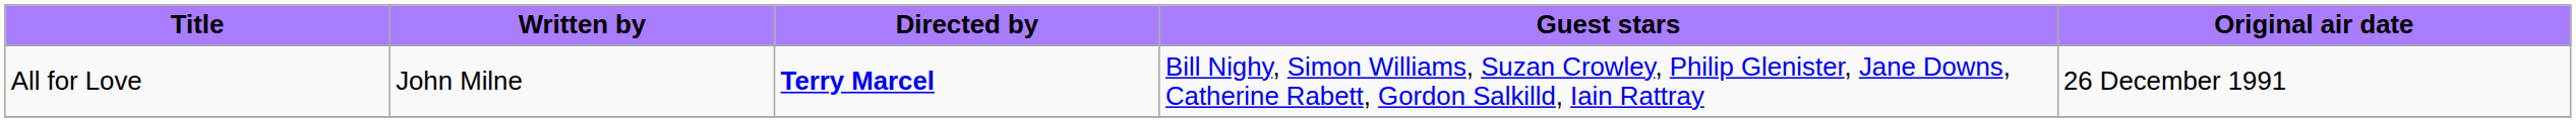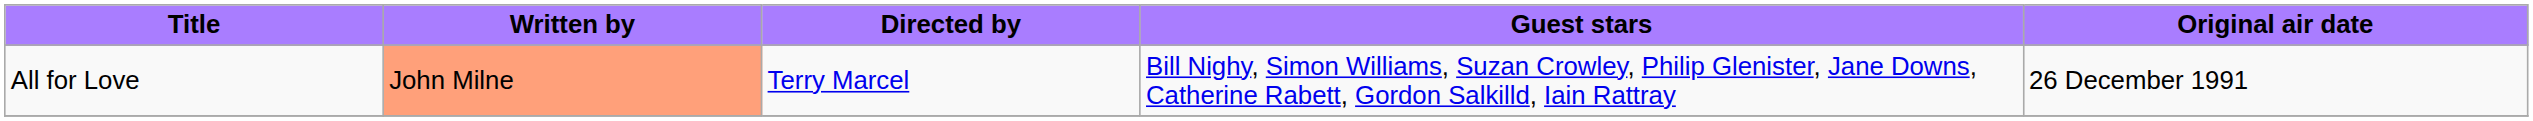 <table class="wikitable">
 <tr>
 <th style="width:15%; background:#A97DFF;">Title</th>
 <th style="width:15%; background:#A97DFF;">Written by</th>
 <th style="width:15%; background:#A97DFF;">Directed by</th>
 <th style="width:35%; background:#A97DFF;">Guest stars</th>
 <th style="width:35%; background:#A97DFF;">Original air date</th>
 </tr>
 <tr id="All For Love">
 <td>All for Love</td>
-<td>John Milne</td>
-<td><strong><a href='#'>Terry Marcel</a></strong></td>
+<td style="background: lightsalmon;">John Milne</td>
+<td><a href='#'>Terry Marcel</a></td>
 <td><a href='#'>Bill Nighy</a>, <a href='#'>Simon Williams</a>, <a href='#'>Suzan Crowley</a>, <a href='#'>Philip Glenister</a>, <a href='#'>Jane Downs</a>, <a href='#'>Catherine Rabett</a>, <a href='#'>Gordon Salkilld</a>, <a href='#'>Iain Rattray</a></td>
 <td>26 December 1991</td>
 </tr>
 <tr>
 </tr>
 </table>
